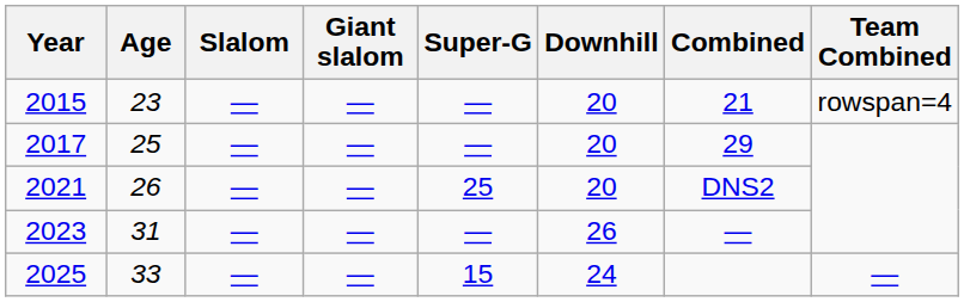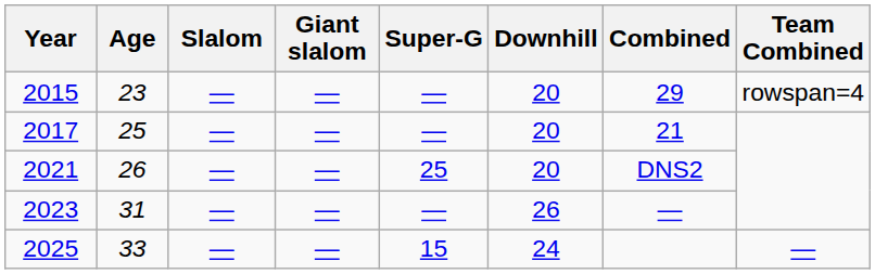 <table class=wikitable style="text-align:center">
 <tr>
 <th>  Year  </th>
 <th> Age </th>
 <th> Slalom </th>
 <th> Giant <br> slalom </th>
 <th>Super-G</th>
 <th>Downhill</th>
 <th>Combined</th>
 <th>Team<br>Combined</th>
 </tr>
 <tr>
 <td><a href='#'>2015</a></td>
 <td><em>23</em></td>
 <td><a href='#'>—</a></td>
 <td><a href='#'>—</a></td>
 <td><a href='#'>—</a></td>
 <td><a href='#'>20</a></td>
-<td><a href='#'>21</a></td>
+<td><a href='#'>29</a></td>
 <td>rowspan=4</td>
 </tr>
 <tr>
 <td><a href='#'>2017</a></td>
 <td><em>25</em></td>
 <td><a href='#'>—</a></td>
 <td><a href='#'>—</a></td>
 <td><a href='#'>—</a></td>
 <td><a href='#'>20</a></td>
-<td><a href='#'>29</a></td>
+<td><a href='#'>21</a></td>
 </tr>
 <tr>
 <td><a href='#'>2021</a></td>
 <td><em>26</em></td>
 <td><a href='#'>—</a></td>
 <td><a href='#'>—</a></td>
 <td><a href='#'>25</a></td>
 <td><a href='#'>20</a></td>
 <td><a href='#'>DNS2</a></td>
 </tr>
 <tr>
 <td><a href='#'>2023</a></td>
 <td><em>31</em></td>
 <td><a href='#'>—</a></td>
 <td><a href='#'>—</a></td>
 <td><a href='#'>—</a></td>
 <td><a href='#'>26</a></td>
 <td><a href='#'>—</a></td>
 </tr>
 <tr>
 <td><a href='#'>2025</a></td>
 <td><em>33</em></td>
 <td><a href='#'>—</a></td>
 <td><a href='#'>—</a></td>
 <td><a href='#'>15</a></td>
 <td><a href='#'>24</a></td>
 <td></td>
 <td><a href='#'>—</a></td>
 </tr>
 </table>
